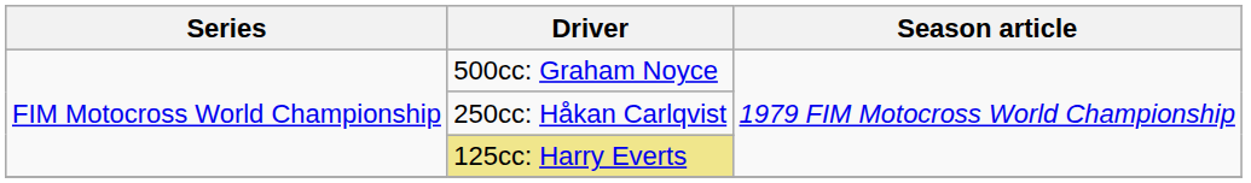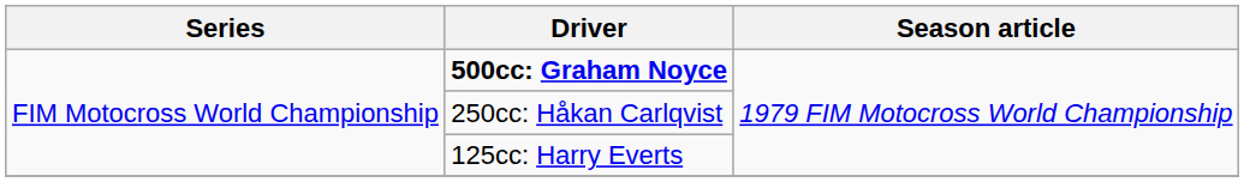 <table class="wikitable" style="font-size: 87%;">
 <tr>
 <th>Series</th>
 <th>Driver</th>
 <th>Season article</th>
 </tr>
 <tr>
 <td rowspan=3><a href='#'>FIM Motocross World Championship</a></td>
-<td>500cc:  <a href='#'>Graham Noyce</a></td>
+<td><strong>500cc:  <a href='#'>Graham Noyce</a></strong></td>
 <td rowspan=3><em><a href='#'>1979 FIM Motocross World Championship</a></em></td>
 </tr>
 <tr>
 <td>250cc:  <a href='#'>Håkan Carlqvist</a></td>
 </tr>
 <tr>
-<td style="background: khaki;">125cc:  <a href='#'>Harry Everts</a></td>
+<td>125cc:  <a href='#'>Harry Everts</a></td>
 </tr>
 <tr>
 </tr>
 </table>
